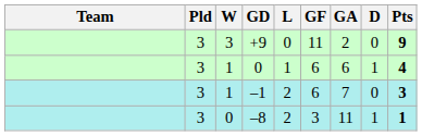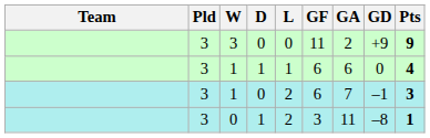 <table class=wikitable style="text-align:center">
 <tr>
 <th width=175>Team</th>
 <th width=20>Pld</th>
 <th width=20>W</th>
-<th width=20>GD</th>
+<th width=20>D</th>
 <th width=20>L</th>
 <th width=20>GF</th>
 <th width=20>GA</th>
-<th width=20>D</th>
+<th width=20>GD</th>
 <th width=20>Pts</th>
 </tr>
 <tr bgcolor="#ccffcc">
 <td align=left></td>
 <td>3</td>
 <td>3</td>
-<td>+9</td>
+<td>0</td>
 <td>0</td>
 <td>11</td>
 <td>2</td>
-<td>0</td>
+<td>+9</td>
 <td><strong>9</strong></td>
 </tr>
 <tr bgcolor="#ccffcc">
 <td align=left></td>
 <td>3</td>
 <td>1</td>
-<td>0</td>
+<td>1</td>
 <td>1</td>
 <td>6</td>
 <td>6</td>
-<td>1</td>
+<td>0</td>
 <td><strong>4</strong></td>
 </tr>
 <tr bgcolor="#afeeee">
 <td align=left></td>
 <td>3</td>
 <td>1</td>
-<td>–1</td>
+<td>0</td>
 <td>2</td>
 <td>6</td>
 <td>7</td>
-<td>0</td>
+<td>–1</td>
 <td><strong>3</strong></td>
 </tr>
 <tr bgcolor="#afeeee">
 <td align=left></td>
 <td>3</td>
 <td>0</td>
-<td>–8</td>
+<td>1</td>
 <td>2</td>
 <td>3</td>
 <td>11</td>
-<td>1</td>
+<td>–8</td>
 <td><strong>1</strong></td>
 </tr>
 </table>
